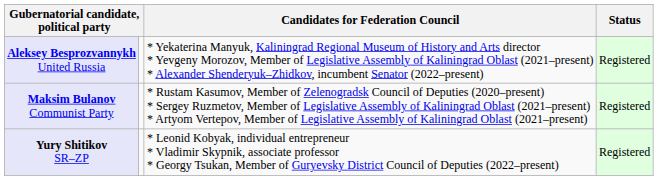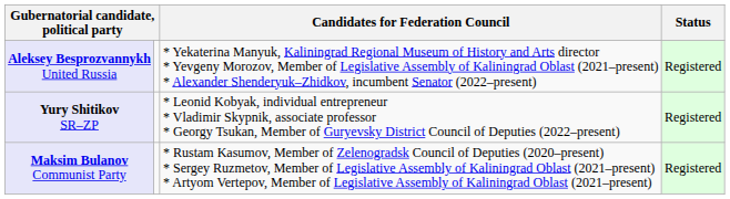 <table class="wikitable" style="text-align:center;">
 <tr>
 <th colspan="2">Gubernatorial candidate,<br>political party</th>
 <th>Candidates for Federation Council</th>
 <th>Status</th>
 </tr>
 <tr>
 <td style="background:lavender;"><strong><a href='#'>Aleksey Besprozvannykh</a></strong><br><a href='#'>United Russia</a></td>
 <td style="background-color:"></td>
 <td align=left>* Yekaterina Manyuk, <a href='#'>Kaliningrad Regional Museum of History and Arts</a> director<br> * Yevgeny Morozov, Member of <a href='#'>Legislative Assembly of Kaliningrad Oblast</a> (2021–present)<br> * <a href='#'>Alexander Shenderyuk–Zhidkov</a>, incumbent <a href='#'>Senator</a> (2022–present)</td>
 <td bgcolor="#DFFFDF">Registered</td>
 </tr>
 <tr>
+<td style="background:lavender;"><strong>Yury Shitikov</strong><br><a href='#'>SR–ZP</a></td>
+<td style="background-color:"></td>
+<td align=left>* Leonid Kobyak, individual entrepreneur<br> * Vladimir Skypnik, associate professor<br> * Georgy Tsukan, Member of <a href='#'>Guryevsky District</a> Council of Deputies (2022–present)</td>
+<td bgcolor="#DFFFDF">Registered</td>
+</tr>
+<tr>
 <td style="background:lavender;"><strong><a href='#'>Maksim Bulanov</a></strong><br><a href='#'>Communist Party</a></td>
 <td style="background-color:"></td>
 <td align=left>* Rustam Kasumov, Member of <a href='#'>Zelenogradsk</a> Council of Deputies (2020–present)<br> * Sergey Ruzmetov, Member of <a href='#'>Legislative Assembly of Kaliningrad Oblast</a> (2021–present)<br> * Artyom Vertepov, Member of <a href='#'>Legislative Assembly of Kaliningrad Oblast</a> (2021–present)</td>
 <td bgcolor="#DFFFDF">Registered</td>
 </tr>
-<tr>
-<td style="background:lavender;"><strong>Yury Shitikov</strong><br><a href='#'>SR–ZP</a></td>
-<td style="background-color:"></td>
-<td align=left>* Leonid Kobyak, individual entrepreneur<br> * Vladimir Skypnik, associate professor<br> * Georgy Tsukan, Member of <a href='#'>Guryevsky District</a> Council of Deputies (2022–present)</td>
-<td bgcolor="#DFFFDF">Registered</td>
-</tr>
 </table>
